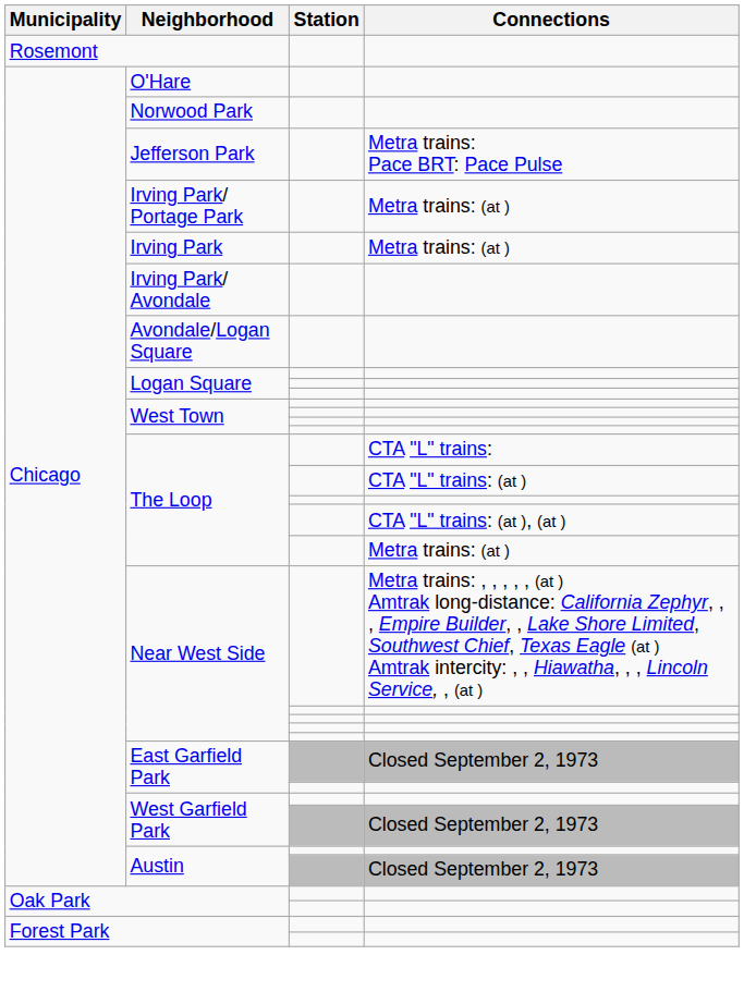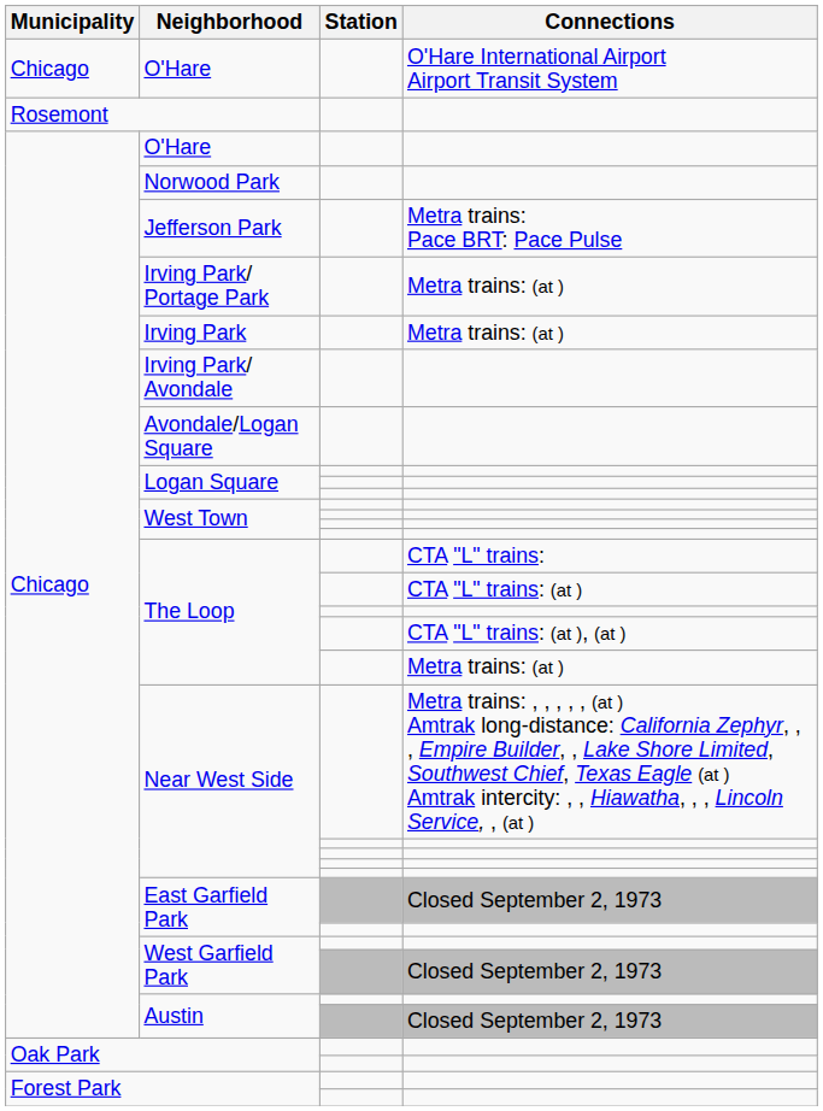 <table class="wikitable plainrowheaders" align=center>
 <tr>
 <th>Municipality</th>
 <th>Neighborhood</th>
 <th>Station</th>
 <th>Connections</th>
+</tr>
+<tr>
+<td><a href='#'>Chicago</a></td>
+<td><a href='#'>O'Hare</a></td>
+<td> </td>
+<td> <a href='#'>O'Hare International Airport</a><br> <a href='#'>Airport Transit System</a></td>
 </tr>
 <tr>
 <td colspan=2><a href='#'>Rosemont</a></td>
 <td>  </td>
 <td></td>
 </tr>
 <tr>
 <td rowspan=30><a href='#'>Chicago</a></td>
 <td><a href='#'>O'Hare</a></td>
 <td>  </td>
 <td></td>
 </tr>
 <tr>
 <td><a href='#'>Norwood Park</a></td>
 <td>  </td>
 <td></td>
 </tr>
 <tr>
 <td><a href='#'>Jefferson Park</a></td>
 <td>  </td>
 <td> <a href='#'>Metra</a> trains: <br> <a href='#'>Pace BRT</a>: <a href='#'>Pace Pulse</a></td>
 </tr>
 <tr>
 <td><a href='#'>Irving Park</a>/<wbr><a href='#'>Portage Park</a></td>
 <td> </td>
 <td> <a href='#'>Metra</a> trains:  <small>(at )</small></td>
 </tr>
 <tr>
 <td><a href='#'>Irving Park</a></td>
 <td> </td>
 <td> <a href='#'>Metra</a> trains:  <small>(at )</small></td>
 </tr>
 <tr>
 <td><a href='#'>Irving Park</a>/<wbr><a href='#'>Avondale</a></td>
 <td> </td>
 <td></td>
 </tr>
 <tr>
 <td><a href='#'>Avondale</a>/<wbr><a href='#'>Logan Square</a></td>
 <td></td>
 <td></td>
 </tr>
 <tr>
 <td rowspan="3"><a href='#'>Logan Square</a></td>
 <td> </td>
 <td></td>
 </tr>
 <tr>
 <td></td>
 <td></td>
 </tr>
 <tr>
 <td> </td>
 <td></td>
 </tr>
 <tr>
 <td rowspan="4"><a href='#'>West Town</a></td>
 <td></td>
 <td></td>
 </tr>
 <tr>
 <td></td>
 <td></td>
 </tr>
 <tr>
 <td></td>
 <td></td>
 </tr>
 <tr>
 <td></td>
 <td></td>
 </tr>
 <tr>
 <td rowspan="5"><a href='#'>The Loop</a></td>
 <td> </td>
 <td> <a href='#'>CTA</a> <a href='#'>"L" trains</a>:     </td>
 </tr>
 <tr>
 <td></td>
 <td> <a href='#'>CTA</a> <a href='#'>"L" trains</a>:  <small>(at )</small></td>
 </tr>
 <tr>
 <td></td>
 <td></td>
 </tr>
 <tr>
 <td> </td>
 <td> <a href='#'>CTA</a> <a href='#'>"L" trains</a>:  <small>(at )</small>,     <small>(at )</small></td>
 </tr>
 <tr>
 <td> </td>
 <td> <a href='#'>Metra</a> trains:  <small>(at )</small></td>
 </tr>
 <tr>
 <td rowspan="5"><a href='#'>Near West Side</a></td>
 <td> </td>
 <td> <a href='#'>Metra</a> trains: , , , , ,  <small>(at )</small><br> <a href='#'>Amtrak</a> long-distance: <em><a href='#'>California Zephyr</a></em>, , , <em><a href='#'>Empire Builder</a></em>, , <em><a href='#'>Lake Shore Limited</a></em>, <em><a href='#'>Southwest Chief</a></em>, <em><a href='#'>Texas Eagle</a></em> <small>(at )</small><br> <a href='#'>Amtrak</a> intercity: , , <em><a href='#'>Hiawatha</a></em>, , , <em><a href='#'>Lincoln Service</a>,</em> ,  <small>(at )</small></td>
 </tr>
 <tr>
 <td> </td>
 <td></td>
 </tr>
 <tr>
 <td></td>
 <td></td>
 </tr>
 <tr>
 <td> </td>
 <td></td>
 </tr>
 <tr>
 <td></td>
 <td></td>
 </tr>
 <tr>
 <td rowspan="2"><a href='#'>East Garfield Park</a></td>
 <td scope="row" style="background-color: #bbb"></td>
 <td scope="row" style="background-color: #bbb">Closed September 2, 1973</td>
 </tr>
 <tr>
 <td> </td>
 <td></td>
 </tr>
 <tr>
 <td rowspan="2"><a href='#'>West Garfield Park</a></td>
 <td></td>
 <td></td>
 </tr>
 <tr style="background-color: #bbb">
 <td></td>
 <td>Closed September 2, 1973</td>
 </tr>
 <tr>
 <td rowspan="2"><a href='#'>Austin</a></td>
 <td></td>
 <td></td>
 </tr>
 <tr style="background-color: #bbb">
 <td></td>
 <td>Closed September 2, 1973</td>
 </tr>
 <tr>
 <td rowspan="2" colspan=2><a href='#'>Oak Park</a></td>
 <td></td>
 <td></td>
 </tr>
 <tr>
 <td></td>
 <td></td>
 </tr>
 <tr>
 <td rowspan="2" colspan=2><a href='#'>Forest Park</a></td>
 <td></td>
 <td></td>
 </tr>
 <tr>
 <td>  </td>
 <td></td>
 </tr>
 </table>
